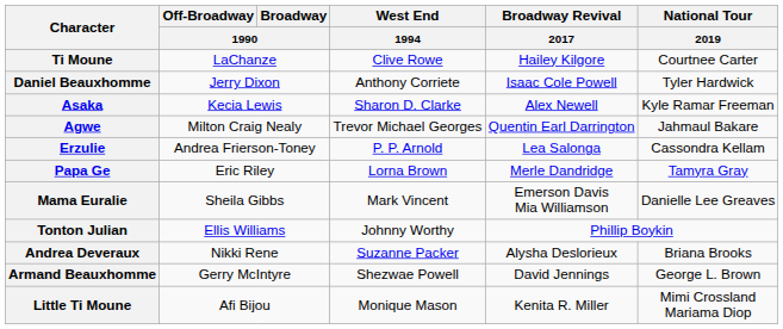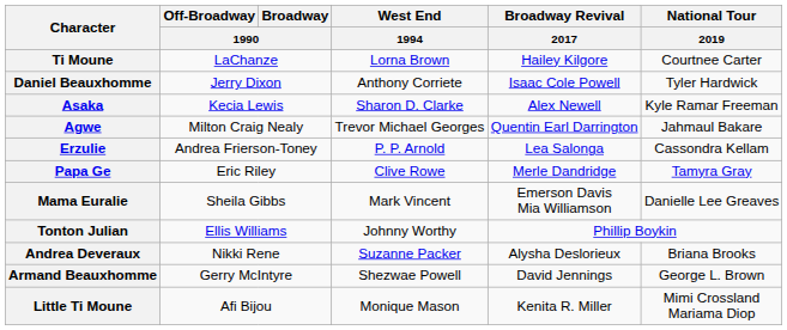 <table class="wikitable" style="width:1000;">
 <tr>
 <th rowspan="2">Character</th>
 <th>Off-Broadway</th>
 <th>Broadway</th>
 <th>West End</th>
 <th>Broadway Revival</th>
 <th>National Tour</th>
 </tr>
 <tr>
 <th colspan="2"><small>1990</small></th>
 <th><small>1994</small></th>
 <th><small>2017</small></th>
 <th><small>2019</small></th>
 </tr>
 <tr>
 <th>Ti Moune</th>
 <td colspan="2" align="center"><a href='#'>LaChanze</a></td>
-<td align="center"><a href='#'>Clive Rowe</a></td>
+<td align="center"><a href='#'>Lorna Brown</a></td>
 <td align="center"><a href='#'>Hailey Kilgore</a></td>
 <td align="center">Courtnee Carter</td>
 </tr>
 <tr>
 <th>Daniel Beauxhomme</th>
 <td colspan="2" align="center"><a href='#'>Jerry Dixon</a></td>
 <td align="center">Anthony Corriete</td>
 <td align="center"><a href='#'>Isaac Cole Powell</a></td>
 <td align="center">Tyler Hardwick</td>
 </tr>
 <tr>
 <th><strong><a href='#'>Asaka</a></strong></th>
 <td colspan="2" align="center"><a href='#'>Kecia Lewis</a></td>
 <td align="center"><a href='#'>Sharon D. Clarke</a></td>
 <td align="center"><a href='#'>Alex Newell</a></td>
 <td align="center">Kyle Ramar Freeman</td>
 </tr>
 <tr>
 <th><strong><a href='#'>Agwe</a></strong></th>
 <td colspan="2" align="center">Milton Craig Nealy</td>
 <td align="center">Trevor Michael Georges</td>
 <td align="center"><a href='#'>Quentin Earl Darrington</a></td>
 <td align="center">Jahmaul Bakare</td>
 </tr>
 <tr>
 <th><strong><a href='#'>Erzulie</a></strong></th>
 <td colspan="2" align="center">Andrea Frierson-Toney</td>
 <td align="center"><a href='#'>P. P. Arnold</a></td>
 <td align="center"><a href='#'>Lea Salonga</a></td>
 <td align="center">Cassondra Kellam</td>
 </tr>
 <tr>
 <th><strong><a href='#'>Papa Ge</a></strong></th>
 <td colspan="2" align="center">Eric Riley</td>
-<td align="center"><a href='#'>Lorna Brown</a></td>
+<td align="center"><a href='#'>Clive Rowe</a></td>
 <td align="center"><a href='#'>Merle Dandridge</a></td>
 <td align="center"><a href='#'>Tamyra Gray</a></td>
 </tr>
 <tr>
 <th>Mama Euralie</th>
 <td colspan="2" align="center">Sheila Gibbs</td>
 <td align="center">Mark Vincent</td>
 <td align="center">Emerson Davis <br> Mia Williamson</td>
 <td align="center">Danielle Lee Greaves</td>
 </tr>
 <tr>
 <th>Tonton Julian</th>
 <td colspan="2" align="center"><a href='#'>Ellis Williams</a></td>
 <td align="center">Johnny Worthy</td>
 <td colspan="2" align="center"><a href='#'>Phillip Boykin</a></td>
 </tr>
 <tr>
 <th>Andrea Deveraux</th>
 <td colspan="2" align="center">Nikki Rene</td>
 <td align="center"><a href='#'>Suzanne Packer</a></td>
 <td align="center">Alysha Deslorieux</td>
 <td align="center">Briana Brooks</td>
 </tr>
 <tr>
 <th align="center">Armand Beauxhomme</th>
 <td colspan="2" align="center">Gerry McIntyre</td>
 <td align="center">Shezwae Powell</td>
 <td align="center">David Jennings</td>
 <td align="center">George L. Brown</td>
 </tr>
 <tr>
 <th>Little Ti Moune</th>
 <td colspan="2" align="center">Afi Bijou</td>
 <td align="center">Monique Mason</td>
 <td align="center">Kenita R. Miller</td>
 <td align="center">Mimi Crossland <br> Mariama Diop</td>
 </tr>
 </table>
